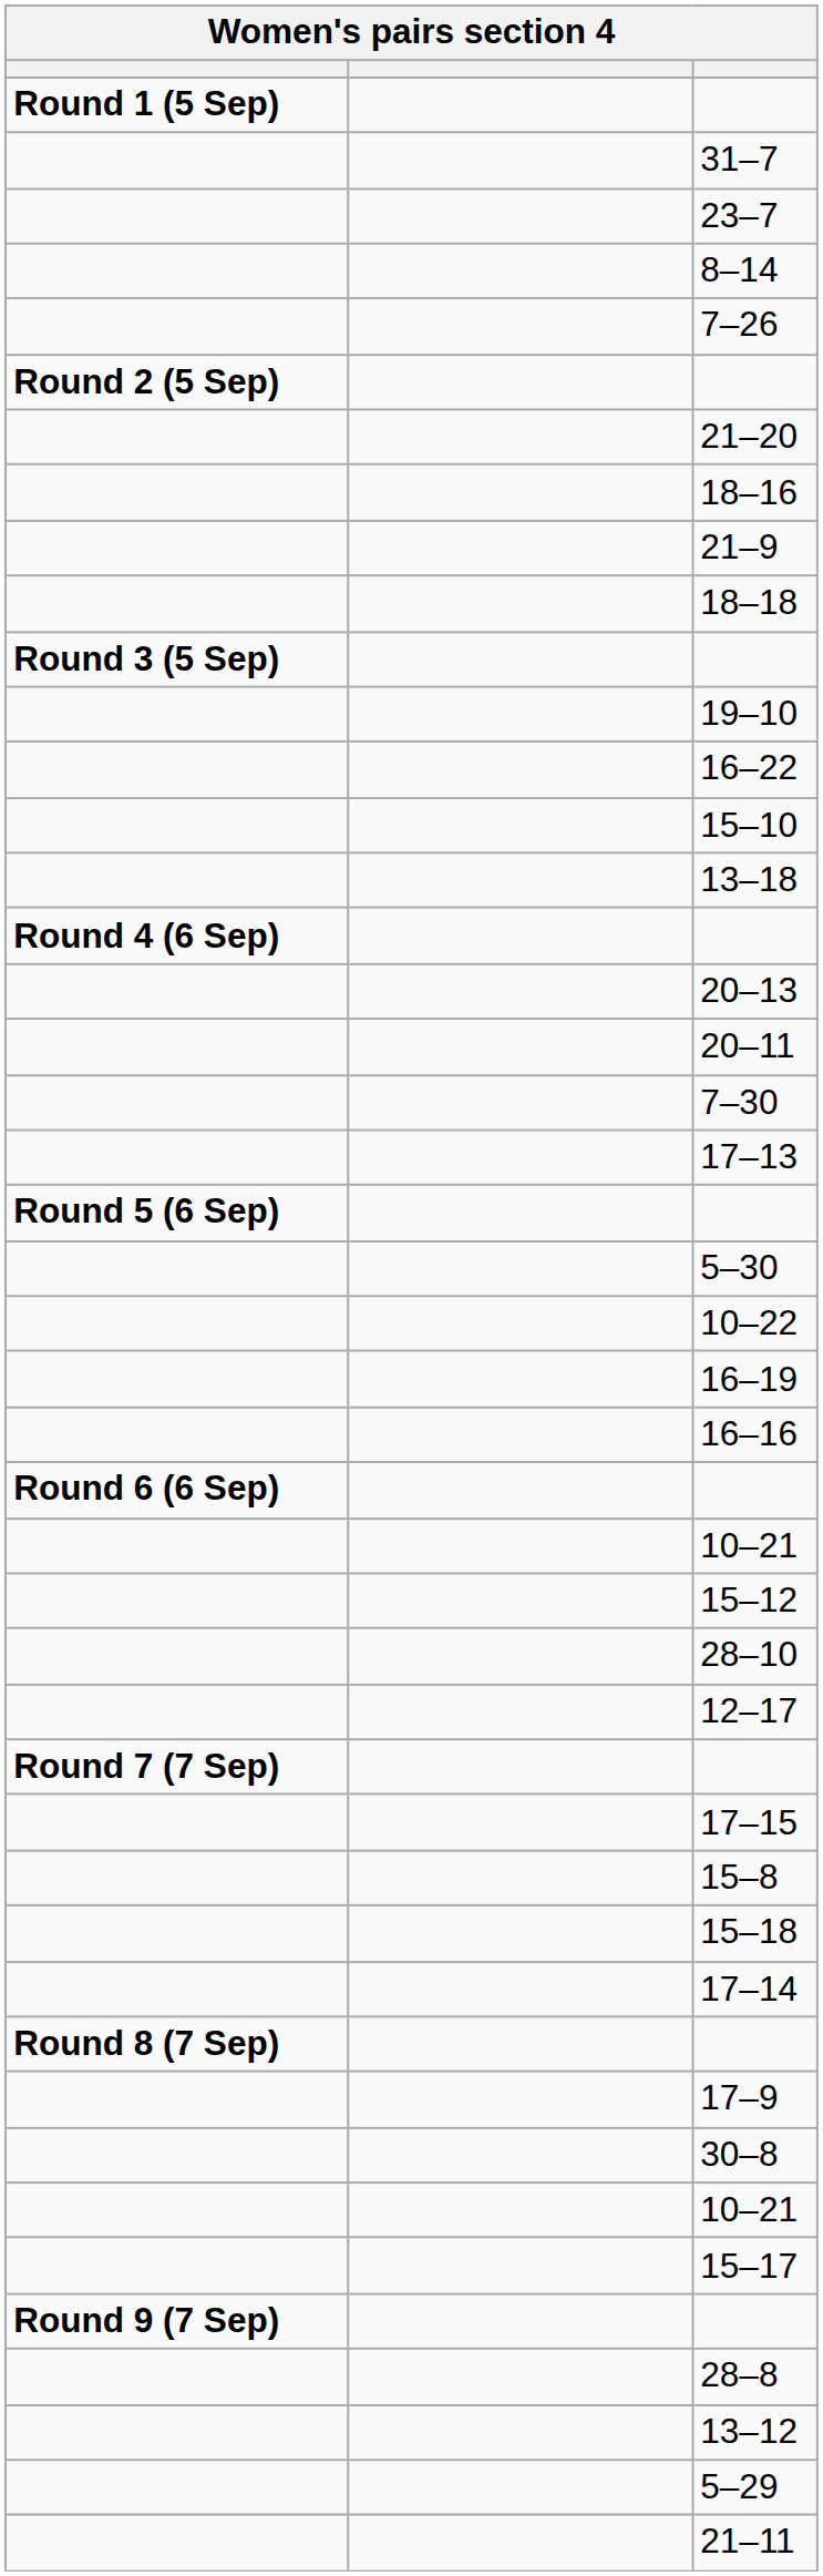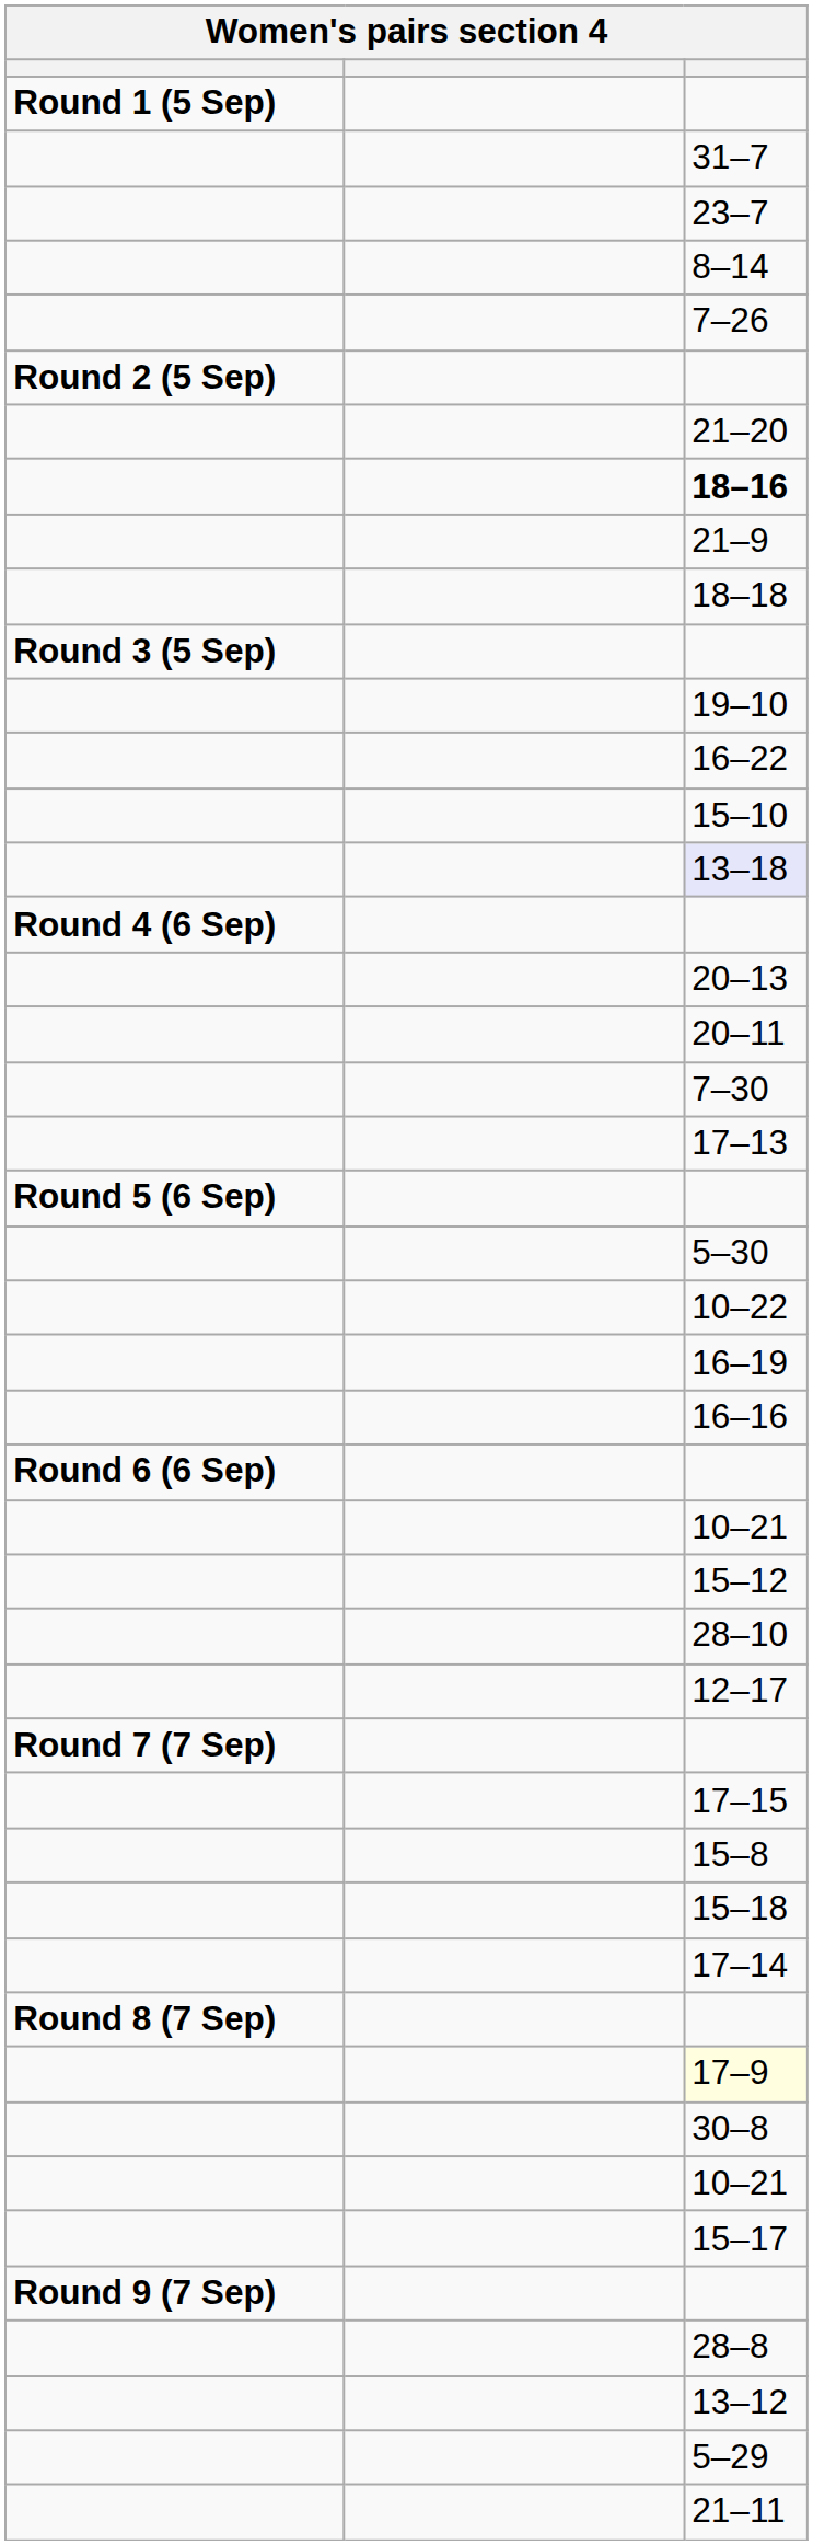 <table class="wikitable">
 <tr>
 <th colspan="3">Women's pairs section 4</th>
 </tr>
 <tr>
 <th width=150></th>
 <th width=150></th>
 <th width=50></th>
 </tr>
 <tr>
 <td><strong>Round 1 (5 Sep)</strong></td>
 <td></td>
 <td></td>
 </tr>
 <tr>
 <td></td>
 <td></td>
 <td>31–7</td>
 </tr>
 <tr>
 <td></td>
 <td></td>
 <td>23–7</td>
 </tr>
 <tr>
 <td></td>
 <td></td>
 <td>8–14</td>
 </tr>
 <tr>
 <td></td>
 <td></td>
 <td>7–26</td>
 </tr>
 <tr>
 <td><strong>Round 2 (5 Sep)</strong></td>
 <td></td>
 <td></td>
 </tr>
 <tr>
 <td></td>
 <td></td>
 <td>21–20</td>
 </tr>
 <tr>
 <td></td>
 <td></td>
-<td>18–16</td>
+<td><strong>18–16</strong></td>
 </tr>
 <tr>
 <td></td>
 <td></td>
 <td>21–9</td>
 </tr>
 <tr>
 <td></td>
 <td></td>
 <td>18–18</td>
 </tr>
 <tr>
 <td><strong>Round 3 (5 Sep)</strong></td>
 <td></td>
 <td></td>
 </tr>
 <tr>
 <td></td>
 <td></td>
 <td>19–10</td>
 </tr>
 <tr>
 <td></td>
 <td></td>
 <td>16–22</td>
 </tr>
 <tr>
 <td></td>
 <td></td>
 <td>15–10</td>
 </tr>
 <tr>
 <td></td>
 <td></td>
-<td>13–18</td>
+<td style="background: lavender;">13–18</td>
 </tr>
 <tr>
 <td><strong>Round 4 (6 Sep)</strong></td>
 <td></td>
 <td></td>
 </tr>
 <tr>
 <td></td>
 <td></td>
 <td>20–13</td>
 </tr>
 <tr>
 <td></td>
 <td></td>
 <td>20–11</td>
 </tr>
 <tr>
 <td></td>
 <td></td>
 <td>7–30</td>
 </tr>
 <tr>
 <td></td>
 <td></td>
 <td>17–13</td>
 </tr>
 <tr>
 <td><strong>Round 5 (6 Sep)</strong></td>
 <td></td>
 <td></td>
 </tr>
 <tr>
 <td></td>
 <td></td>
 <td>5–30</td>
 </tr>
 <tr>
 <td></td>
 <td></td>
 <td>10–22</td>
 </tr>
 <tr>
 <td></td>
 <td></td>
 <td>16–19</td>
 </tr>
 <tr>
 <td></td>
 <td></td>
 <td>16–16</td>
 </tr>
 <tr>
 <td><strong>Round 6  (6 Sep)</strong></td>
 <td></td>
 <td></td>
 </tr>
 <tr>
 <td></td>
 <td></td>
 <td>10–21</td>
 </tr>
 <tr>
 <td></td>
 <td></td>
 <td>15–12</td>
 </tr>
 <tr>
 <td></td>
 <td></td>
 <td>28–10</td>
 </tr>
 <tr>
 <td></td>
 <td></td>
 <td>12–17</td>
 </tr>
 <tr>
 <td><strong>Round 7 (7 Sep)</strong></td>
 <td></td>
 <td></td>
 </tr>
 <tr>
 <td></td>
 <td></td>
 <td>17–15</td>
 </tr>
 <tr>
 <td></td>
 <td></td>
 <td>15–8</td>
 </tr>
 <tr>
 <td></td>
 <td></td>
 <td>15–18</td>
 </tr>
 <tr>
 <td></td>
 <td></td>
 <td>17–14</td>
 </tr>
 <tr>
 <td><strong>Round 8 (7 Sep)</strong></td>
 <td></td>
 <td></td>
 </tr>
 <tr>
 <td></td>
 <td></td>
-<td>17–9</td>
+<td style="background: lightyellow;">17–9</td>
 </tr>
 <tr>
 <td></td>
 <td></td>
 <td>30–8</td>
 </tr>
 <tr>
 <td></td>
 <td></td>
 <td>10–21</td>
 </tr>
 <tr>
 <td></td>
 <td></td>
 <td>15–17</td>
 </tr>
 <tr>
 <td><strong>Round 9 (7 Sep)</strong></td>
 <td></td>
 <td></td>
 </tr>
 <tr>
 <td></td>
 <td></td>
 <td>28–8</td>
 </tr>
 <tr>
 <td></td>
 <td></td>
 <td>13–12</td>
 </tr>
 <tr>
 <td></td>
 <td></td>
 <td>5–29</td>
 </tr>
 <tr>
 <td></td>
 <td></td>
 <td>21–11</td>
 </tr>
 </table>
